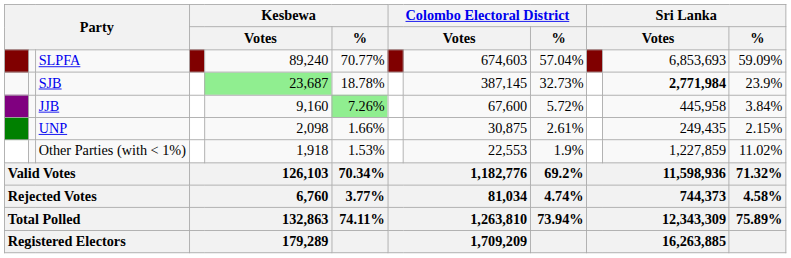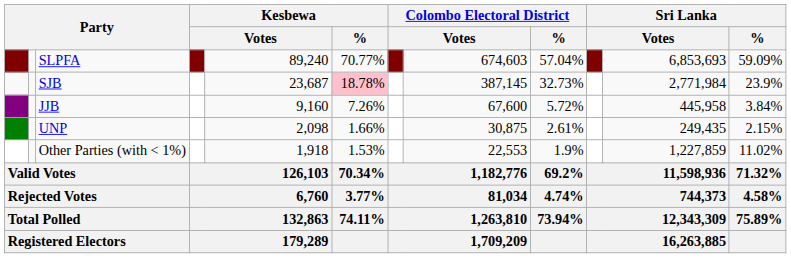 <table class="wikitable">
 <tr>
 <th colspan="3" width="144px"rowspan="2">Party</th>
 <th colspan="3" width="216px">Kesbewa</th>
 <th colspan="3" width="216px"><a href='#'>Colombo Electoral District</a></th>
 <th colspan="3" width="216px">Sri Lanka</th>
 </tr>
 <tr>
 <th colspan="2" width="144px">Votes</th>
 <th>%</th>
 <th colspan="2" width="144px">Votes</th>
 <th>%</th>
 <th colspan="2" width="144px">Votes</th>
 <th>%</th>
 </tr>
 <tr>
 <td style="background-color:maroon;" width="20px"></td>
 <td></td>
 <td style="text-align:left;"><a href='#'>SLPFA</a></td>
 <td style="background-color:maroon;" width="10px"></td>
 <td style="text-align:right;">89,240</td>
 <td style="text-align:right;">70.77%</td>
 <td style="background-color:maroon;" width="10px"></td>
 <td style="text-align:right;">674,603</td>
 <td style="text-align:right;">57.04%</td>
 <td style="background-color:maroon;" width="10px"></td>
 <td style="text-align:right;">6,853,693</td>
 <td style="text-align:right;">59.09%</td>
 </tr>
 <tr>
 <td style="background-color:"></td>
 <td></td>
 <td style="text-align:left;"><a href='#'>SJB</a></td>
 <td style="background-color:white;" width="10px"></td>
-<td style="background: lightgreen; text-align:right;">23,687</td>
-<td style="text-align:right;">18.78%</td>
+<td style="text-align:right;">23,687</td>
+<td style="background: pink; text-align:right;">18.78%</td>
 <td style="background-color:white;" width="10px"></td>
 <td style="text-align:right;">387,145</td>
 <td style="text-align:right;">32.73%</td>
 <td style="background-color:white;" width="10px"></td>
-<td style="text-align:right;"><strong>2,771,984</strong></td>
+<td style="text-align:right;">2,771,984</td>
 <td style="text-align:right;">23.9%</td>
 </tr>
 <tr>
 <td style="background-color:purple;" width="20px"></td>
 <td></td>
 <td style="text-align:left;"><a href='#'>JJB</a></td>
 <td style="background-color:white;" width="10px"></td>
 <td style="text-align:right;">9,160</td>
-<td style="background: lightgreen; text-align:right;">7.26%</td>
+<td style="text-align:right;">7.26%</td>
 <td style="background-color:white;" width="10px"></td>
 <td style="text-align:right;">67,600</td>
 <td style="text-align:right;">5.72%</td>
 <td style="background-color:white;" width="10px"></td>
 <td style="text-align:right;">445,958</td>
 <td style="text-align:right;">3.84%</td>
 </tr>
 <tr>
 <td style="background-color:green;" width="20px"></td>
 <td></td>
 <td style="text-align:left;"><a href='#'>UNP</a></td>
 <td style="background-color:white;" width="10px"></td>
 <td style="text-align:right;">2,098</td>
 <td style="text-align:right;">1.66%</td>
 <td style="background-color:white;" width="10px"></td>
 <td style="text-align:right;">30,875</td>
 <td style="text-align:right;">2.61%</td>
 <td style="background-color:white;" width="10px"></td>
 <td style="text-align:right;">249,435</td>
 <td style="text-align:right;">2.15%</td>
 </tr>
 <tr>
 <td style="background-color:white;" width="20px"></td>
 <td></td>
 <td style="text-align:left;">Other Parties (with < 1%)</td>
 <td style="background-color:white;" width="10px"></td>
 <td style="text-align:right;">1,918</td>
 <td style="text-align:right;">1.53%</td>
 <td style="background-color:white;" width="10px"></td>
 <td style="text-align:right;">22,553</td>
 <td style="text-align:right;">1.9%</td>
 <td style="background-color:white;" width="10px"></td>
 <td style="text-align:right;">1,227,859</td>
 <td style="text-align:right;">11.02%</td>
 </tr>
 <tr>
 <th colspan="3" width="144px"style="text-align:left;">Valid Votes</th>
 <th style="text-align:right;"colspan="2" width="144px">126,103</th>
 <th style="text-align:right;">70.34%</th>
 <th style="text-align:right;"colspan="2" width="144px">1,182,776</th>
 <th style="text-align:right;">69.2%</th>
 <th style="text-align:right;"colspan="2" width="144px">11,598,936</th>
 <th style="text-align:right;">71.32%</th>
 </tr>
 <tr>
 <th colspan="3" width="144px"style="text-align:left;">Rejected Votes</th>
 <th style="text-align:right;"colspan="2" width="144px">6,760</th>
 <th style="text-align:right;">3.77%</th>
 <th style="text-align:right;"colspan="2" width="144px">81,034</th>
 <th style="text-align:right;">4.74%</th>
 <th style="text-align:right;"colspan="2" width="144px">744,373</th>
 <th style="text-align:right;">4.58%</th>
 </tr>
 <tr>
 <th colspan="3" width="144px"style="text-align:left;">Total Polled</th>
 <th style="text-align:right;"colspan="2" width="144px">132,863</th>
 <th style="text-align:right;">74.11%</th>
 <th style="text-align:right;"colspan="2" width="144px">1,263,810</th>
 <th style="text-align:right;">73.94%</th>
 <th style="text-align:right;"colspan="2" width="144px">12,343,309</th>
 <th style="text-align:right;">75.89%</th>
 </tr>
 <tr>
 <th colspan="3" width="144px"style="text-align:left;">Registered Electors</th>
 <th style="text-align:right;"colspan="2" width="144px">179,289</th>
 <th></th>
 <th style="text-align:right;"colspan="2" width="144px">1,709,209</th>
 <th></th>
 <th style="text-align:right;"colspan="2" width="144px">16,263,885</th>
 <th></th>
 </tr>
 </table>
